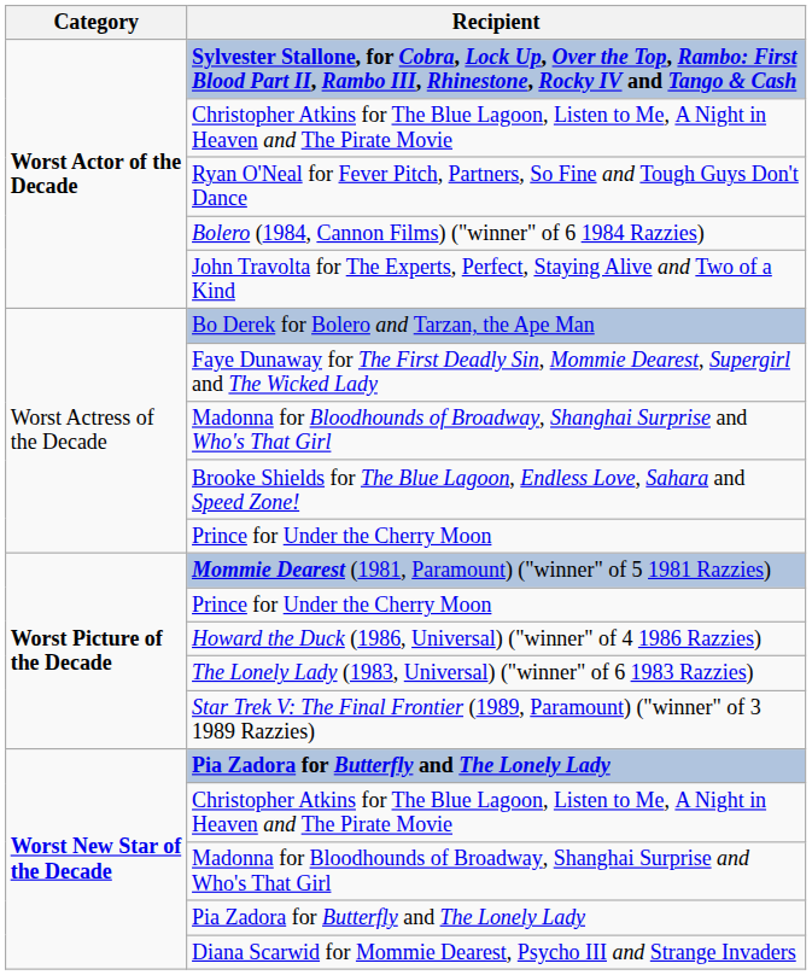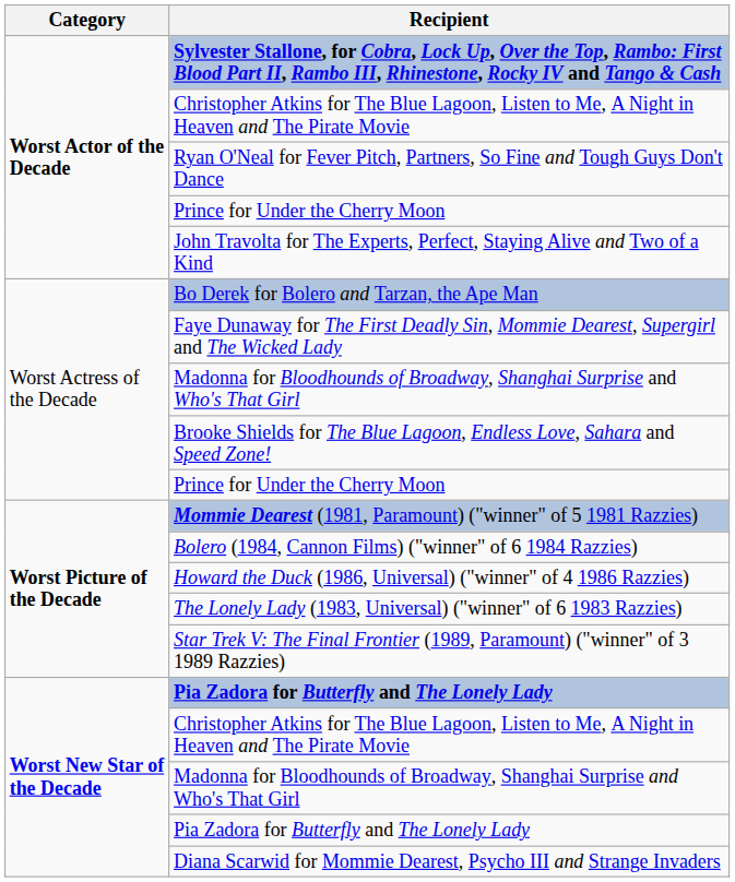 <table class="wikitable" width="95%" align="centre">
 <tr>
 <th>Category</th>
 <th>Recipient</th>
 </tr>
 <tr>
 <td rowspan=5><strong>Worst Actor of the Decade</strong></td>
 <td style="background:#B0C4DE;"><strong><a href='#'>Sylvester Stallone</a>, for <em><a href='#'>Cobra</a></em>, <em><a href='#'>Lock Up</a></em>, <em><a href='#'>Over the Top</a></em>, <em><a href='#'>Rambo: First Blood Part II</a></em>, <em><a href='#'>Rambo III</a></em>, <em><a href='#'>Rhinestone</a></em>, <em><a href='#'>Rocky IV</a></em> and <em><a href='#'>Tango & Cash</a><strong><em></td>
 </tr>
 <tr>
 <td><a href='#'>Christopher Atkins</a> for </em><a href='#'>The Blue Lagoon</a><em>, </em><a href='#'>Listen to Me</a><em>, </em><a href='#'>A Night in Heaven</a><em> and </em><a href='#'>The Pirate Movie</a><em></td>
 </tr>
 <tr>
 <td><a href='#'>Ryan O'Neal</a> for </em><a href='#'>Fever Pitch</a><em>, </em><a href='#'>Partners</a><em>, </em><a href='#'>So Fine</a><em> and </em><a href='#'>Tough Guys Don't Dance</a><em></td>
 </tr>
 <tr>
-<td><em><a href='#'>Bolero</a></em> (<a href='#'>1984</a>, <a href='#'>Cannon Films</a>) ("winner" of 6 <a href='#'>1984 Razzies</a>)</td>
+<td><a href='#'>Prince</a> for </em><a href='#'>Under the Cherry Moon</a><em></td>
 </tr>
 <tr>
 <td><a href='#'>John Travolta</a> for </em><a href='#'>The Experts</a><em>, </em><a href='#'>Perfect</a><em>, </em><a href='#'>Staying Alive</a><em> and </em><a href='#'>Two of a Kind</a><em></td>
 </tr>
 <tr>
 <td rowspan=5></strong>Worst Actress of the Decade<strong></td>
 <td style="background:#B0C4DE;"><strong></strong><a href='#'>Bo Derek</a> for </em><a href='#'>Bolero</a><em> and </em><a href='#'>Tarzan, the Ape Man</a></em></strong></strong></td>
 </tr>
 <tr>
 <td><a href='#'>Faye Dunaway</a> for <em><a href='#'>The First Deadly Sin</a></em>, <em><a href='#'>Mommie Dearest</a></em>, <em><a href='#'>Supergirl</a></em> and <em><a href='#'>The Wicked Lady</a></em></td>
 </tr>
 <tr>
 <td><a href='#'>Madonna</a> for <em><a href='#'>Bloodhounds of Broadway</a></em>, <em><a href='#'>Shanghai Surprise</a></em> and <em><a href='#'>Who's That Girl</a></em></td>
 </tr>
 <tr>
 <td><a href='#'>Brooke Shields</a> for <em><a href='#'>The Blue Lagoon</a></em>, <em><a href='#'>Endless Love</a></em>, <em><a href='#'>Sahara</a></em> and <em><a href='#'>Speed Zone!</a></em></td>
 </tr>
 <tr>
 <td><a href='#'>Prince</a> for </em><a href='#'>Under the Cherry Moon</a><em></td>
 </tr>
 <tr>
 <td rowspan=5><strong>Worst Picture of the Decade</strong></td>
 <td style="background:#B0C4DE;"><strong><em><a href='#'>Mommie Dearest</a></em></strong> (<a href='#'>1981</a>, <a href='#'>Paramount</a>) ("winner" of 5 <a href='#'>1981 Razzies</a>)</td>
 </tr>
 <tr>
-<td><a href='#'>Prince</a> for </em><a href='#'>Under the Cherry Moon</a><em></td>
+<td><em><a href='#'>Bolero</a></em> (<a href='#'>1984</a>, <a href='#'>Cannon Films</a>) ("winner" of 6 <a href='#'>1984 Razzies</a>)</td>
 </tr>
 <tr>
 <td><em><a href='#'>Howard the Duck</a></em> (<a href='#'>1986</a>, <a href='#'>Universal</a>) ("winner" of 4 <a href='#'>1986 Razzies</a>)</td>
 </tr>
 <tr>
 <td><em><a href='#'>The Lonely Lady</a></em> (<a href='#'>1983</a>, <a href='#'>Universal</a>) ("winner" of 6 <a href='#'>1983 Razzies</a>)</td>
 </tr>
 <tr>
 <td><em><a href='#'>Star Trek V: The Final Frontier</a></em> (<a href='#'>1989</a>, <a href='#'>Paramount</a>) ("winner" of 3 1989 Razzies)</td>
 </tr>
 <tr>
 <td rowspan=5><strong><a href='#'>Worst New Star of the Decade</a></strong></td>
 <td style="background:#B0C4DE;"><strong><a href='#'>Pia Zadora</a> for <em><a href='#'>Butterfly</a></em> and <em><a href='#'>The Lonely Lady</a><strong><em></td>
 </tr>
 <tr>
 <td><a href='#'>Christopher Atkins</a> for </em><a href='#'>The Blue Lagoon</a><em>, </em><a href='#'>Listen to Me</a><em>, </em><a href='#'>A Night in Heaven</a><em> and </em><a href='#'>The Pirate Movie</a><em></td>
 </tr>
 <tr>
 <td><a href='#'>Madonna</a> for </em><a href='#'>Bloodhounds of Broadway</a><em>, </em><a href='#'>Shanghai Surprise</a><em> and </em><a href='#'>Who's That Girl</a><em></td>
 </tr>
 <tr>
 <td><a href='#'>Pia Zadora</a> for <em><a href='#'>Butterfly</a></em> and <em><a href='#'>The Lonely Lady</a></em></td>
 </tr>
 <tr>
 <td><a href='#'>Diana Scarwid</a> for </em><a href='#'>Mommie Dearest</a><em>, </em><a href='#'>Psycho III</a><em> and </em><a href='#'>Strange Invaders</a><em></td>
 </tr>
 </table>
